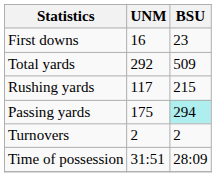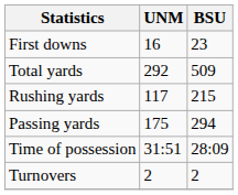 <table class="wikitable">
 <tr>
 <th>Statistics</th>
 <th>UNM</th>
 <th>BSU</th>
 </tr>
 <tr>
 <td>First downs</td>
 <td>16</td>
 <td>23</td>
 </tr>
 <tr>
 <td>Total yards</td>
 <td>292</td>
 <td>509</td>
 </tr>
 <tr>
 <td>Rushing yards</td>
 <td>117</td>
 <td>215</td>
 </tr>
 <tr>
 <td>Passing yards</td>
 <td>175</td>
-<td style="background: paleturquoise;">294</td>
+<td>294</td>
+</tr>
+<tr>
+<td>Time of possession</td>
+<td>31:51</td>
+<td>28:09</td>
 </tr>
 <tr>
 <td>Turnovers</td>
 <td>2</td>
 <td>2</td>
 </tr>
 <tr>
-<td>Time of possession</td>
-<td>31:51</td>
-<td>28:09</td>
-</tr>
-<tr>
 </tr>
 </table>
